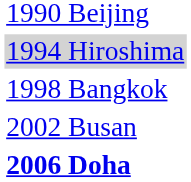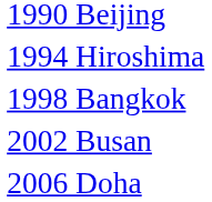 <table>
 <tr>
 <td><a href='#'>1990 Beijing</a></td>
 <td></td>
 <td></td>
 <td></td>
 </tr>
 <tr>
-<td style="background: lightgrey;"><a href='#'>1994 Hiroshima</a></td>
+<td><a href='#'>1994 Hiroshima</a></td>
 <td></td>
 <td></td>
 <td></td>
 </tr>
 <tr>
 <td><a href='#'>1998 Bangkok</a></td>
 <td></td>
 <td></td>
 <td></td>
 </tr>
 <tr>
 <td><a href='#'>2002 Busan</a></td>
 <td></td>
 <td></td>
 <td></td>
 </tr>
 <tr>
-<td><strong><a href='#'>2006 Doha</a></strong></td>
+<td><a href='#'>2006 Doha</a></td>
 <td></td>
 <td></td>
 <td></td>
 </tr>
 </table>
